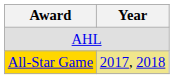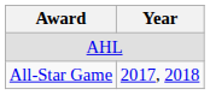 <table class="wikitable">
 <tr>
 <th>Award</th>
 <th>Year</th>
 </tr>
 <tr ALIGN="center" bgcolor="#e0e0e0">
 <td colspan="3"><a href='#'>AHL</a></td>
 </tr>
 <tr>
-<td style="background: gold;"><a href='#'>All-Star Game</a></td>
-<td style="background: khaki;"><a href='#'>2017</a>, <a href='#'>2018</a></td>
+<td><a href='#'>All-Star Game</a></td>
+<td><a href='#'>2017</a>, <a href='#'>2018</a></td>
 </tr>
 </table>
